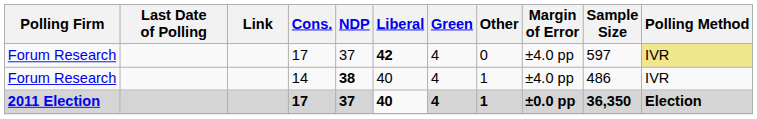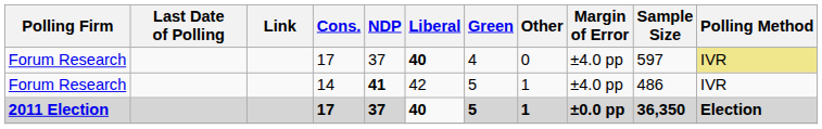 <table class="wikitable sortable">
 <tr style="background:#e9e9e9;">
 <th style="width:120px">Polling Firm</th>
 <th style="width:110px">Last Date<br>of Polling</th>
 <th style="width:60px" class="unsortable">Link</th>
 <th style="background-color:"><strong><a href='#'>Cons.</a></strong></th>
 <th style="background-color:"><strong><a href='#'>NDP</a></strong></th>
 <th style="background-color:"><strong><a href='#'>Liberal</a></strong></th>
 <th style="background-color:"><strong><a href='#'>Green</a></strong></th>
 <th style="background-color:"><strong>Other</strong></th>
 <th style="width:60px;" class=unsortable>Margin<br>of Error</th>
 <th style="width:50px;" class=unsortable>Sample<br>Size</th>
 <th class=unsortable>Polling Method</th>
 </tr>
 <tr>
 <td><a href='#'>Forum Research</a></td>
 <td></td>
 <td></td>
 <td>17</td>
 <td>37</td>
-<td><strong>42</strong></td>
+<td><strong>40</strong></td>
 <td>4</td>
 <td>0</td>
 <td>±4.0 pp</td>
 <td>597</td>
 <td style="background: khaki;">IVR</td>
 </tr>
 <tr>
 <td><a href='#'>Forum Research</a></td>
 <td></td>
 <td></td>
 <td>14</td>
-<td><strong>38</strong></td>
-<td>40</td>
-<td>4</td>
+<td><strong>41</strong></td>
+<td>42</td>
+<td>5</td>
 <td>1</td>
 <td>±4.0 pp</td>
 <td>486</td>
 <td>IVR</td>
 </tr>
 <tr>
 <td style="background:#D5D5D5"><strong><a href='#'>2011 Election</a></strong></td>
 <td style="background:#D5D5D5"><strong></strong></td>
 <td style="background:#D5D5D5"></td>
 <td style="background:#D5D5D5"><strong>17</strong></td>
 <td style="background:#D5D5D5"><strong>37</strong></td>
 <td><strong>40</strong></td>
-<td style="background:#D5D5D5"><strong>4</strong></td>
+<td style="background:#D5D5D5"><strong>5</strong></td>
 <td style="background:#D5D5D5"><strong>1</strong></td>
 <td style="background:#D5D5D5"><strong>±0.0 pp</strong></td>
 <td style="background:#D5D5D5"><strong>36,350</strong></td>
 <td style="background:#D5D5D5"><strong>Election</strong></td>
 </tr>
 <tr>
 </tr>
 <tr>
 </tr>
 </table>
